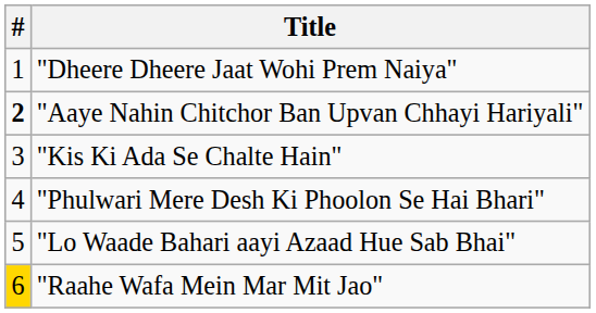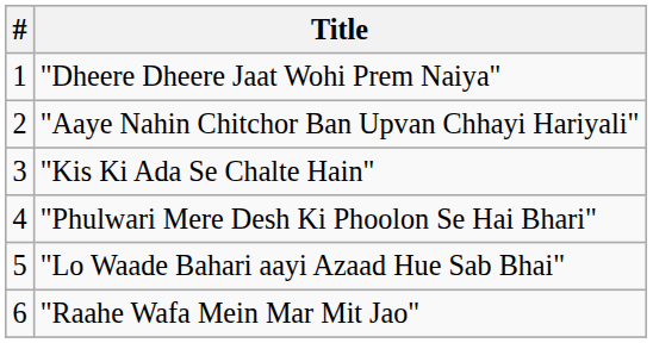 <table class="wikitable" style="font-size:95%;">
 <tr>
 <th>#</th>
 <th>Title</th>
 </tr>
 <tr>
 <td>1</td>
 <td>"Dheere Dheere Jaat Wohi Prem Naiya"</td>
 </tr>
 <tr>
-<td><strong>2</strong></td>
+<td>2</td>
 <td>"Aaye Nahin Chitchor Ban Upvan Chhayi Hariyali"</td>
 </tr>
 <tr>
 <td>3</td>
 <td>"Kis Ki Ada Se Chalte Hain"</td>
 </tr>
 <tr>
 <td>4</td>
 <td>"Phulwari Mere Desh Ki Phoolon Se Hai Bhari"</td>
 </tr>
 <tr>
 <td>5</td>
 <td>"Lo Waade Bahari aayi Azaad Hue Sab Bhai"</td>
 </tr>
 <tr>
-<td style="background: gold;">6</td>
+<td>6</td>
 <td>"Raahe Wafa Mein Mar Mit Jao"</td>
 </tr>
 </table>
